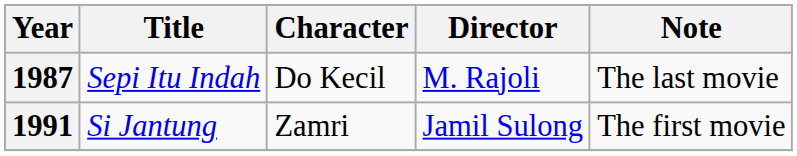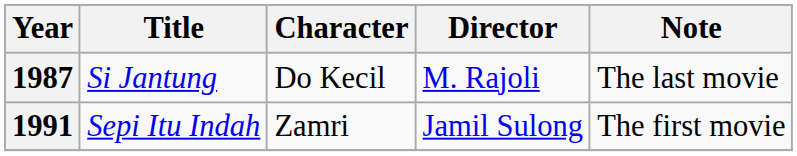 <table class="wikitable">
 <tr>
 <th>Year</th>
 <th>Title</th>
 <th>Character</th>
 <th>Director</th>
 <th>Note</th>
 </tr>
 <tr>
 <th>1987</th>
-<td><em><a href='#'>Sepi Itu Indah</a></em></td>
+<td><em><a href='#'>Si Jantung</a></em></td>
 <td>Do Kecil</td>
 <td><a href='#'>M. Rajoli</a></td>
 <td>The last movie</td>
 </tr>
 <tr>
 <th>1991</th>
-<td><em><a href='#'>Si Jantung</a></em></td>
+<td><em><a href='#'>Sepi Itu Indah</a></em></td>
 <td>Zamri</td>
 <td><a href='#'>Jamil Sulong</a></td>
 <td>The first movie</td>
 </tr>
 <tr>
 </tr>
 </table>
